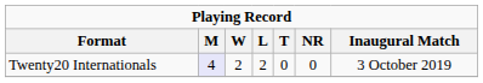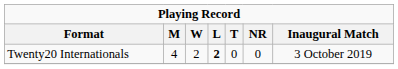 <table class="wikitable" style="text-align: center; width: 500px;">
 <tr>
 <td colspan=7 align="center"><strong>Playing Record</strong></td>
 </tr>
 <tr>
 <th>Format</th>
 <th>M</th>
 <th>W</th>
 <th>L</th>
 <th>T</th>
 <th>NR</th>
 <th>Inaugural Match</th>
 </tr>
 <tr>
 <td align="left">Twenty20 Internationals</td>
-<td style="background: lavender;">4</td>
+<td>4</td>
 <td>2</td>
-<td>2</td>
+<td><strong>2</strong></td>
 <td>0</td>
 <td>0</td>
 <td>3 October 2019</td>
 </tr>
 <tr>
 </tr>
 </table>
